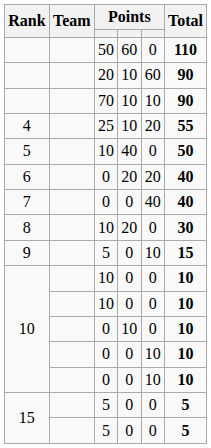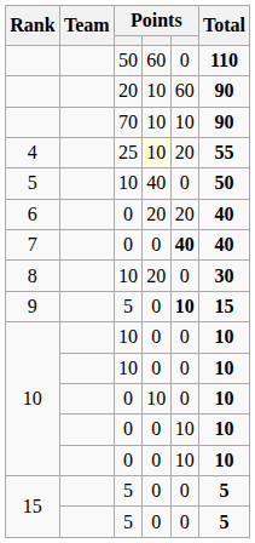 <table class="wikitable" style="text-align:center;">
 <tr>
 <th rowspan=2>Rank</th>
 <th rowspan=2>Team</th>
 <th colspan="3">Points</th>
 <th rowspan=2>Total</th>
 </tr>
 <tr>
 <th></th>
 <th></th>
 <th></th>
 </tr>
 <tr>
 <td></td>
 <td align=left></td>
 <td>50</td>
 <td>60</td>
 <td>0</td>
 <td><strong>110</strong></td>
 </tr>
 <tr>
 <td></td>
 <td align=left></td>
 <td>20</td>
 <td>10</td>
 <td>60</td>
 <td><strong>90</strong></td>
 </tr>
 <tr>
 <td></td>
 <td align=left></td>
 <td>70</td>
 <td>10</td>
 <td>10</td>
 <td><strong>90</strong></td>
 </tr>
 <tr>
 <td>4</td>
 <td align=left></td>
 <td>25</td>
-<td>10</td>
+<td style="background: lightyellow;">10</td>
 <td>20</td>
 <td><strong>55</strong></td>
 </tr>
 <tr>
 <td>5</td>
 <td align=left></td>
 <td>10</td>
 <td>40</td>
 <td>0</td>
 <td><strong>50</strong></td>
 </tr>
 <tr>
 <td>6</td>
 <td align=left></td>
 <td>0</td>
 <td>20</td>
 <td>20</td>
 <td><strong>40</strong></td>
 </tr>
 <tr>
 <td>7</td>
 <td align=left></td>
 <td>0</td>
 <td>0</td>
-<td>40</td>
+<td><strong>40</strong></td>
 <td><strong>40</strong></td>
 </tr>
 <tr>
 <td>8</td>
 <td align=left></td>
 <td>10</td>
 <td>20</td>
 <td>0</td>
 <td><strong>30</strong></td>
 </tr>
 <tr>
 <td>9</td>
 <td align=left></td>
 <td>5</td>
 <td>0</td>
-<td>10</td>
+<td><strong>10</strong></td>
 <td><strong>15</strong></td>
 </tr>
 <tr>
 <td rowspan=5>10</td>
 <td align=left></td>
 <td>10</td>
 <td>0</td>
 <td>0</td>
 <td><strong>10</strong></td>
 </tr>
 <tr>
 <td align=left></td>
 <td>10</td>
 <td>0</td>
 <td>0</td>
 <td><strong>10</strong></td>
 </tr>
 <tr>
 <td align=left></td>
 <td>0</td>
 <td>10</td>
 <td>0</td>
 <td><strong>10</strong></td>
 </tr>
 <tr>
 <td align=left></td>
 <td>0</td>
 <td>0</td>
 <td>10</td>
 <td><strong>10</strong></td>
 </tr>
 <tr>
 <td align=left></td>
 <td>0</td>
 <td>0</td>
 <td>10</td>
 <td><strong>10</strong></td>
 </tr>
 <tr>
 <td rowspan=2>15</td>
 <td align=left></td>
 <td>5</td>
 <td>0</td>
 <td>0</td>
 <td><strong>5</strong></td>
 </tr>
 <tr>
 <td align=left></td>
 <td>5</td>
 <td>0</td>
 <td>0</td>
 <td><strong>5</strong></td>
 </tr>
 <tr>
 </tr>
 </table>
